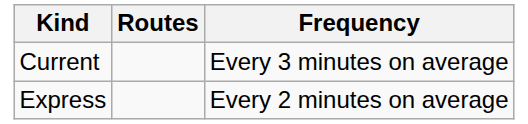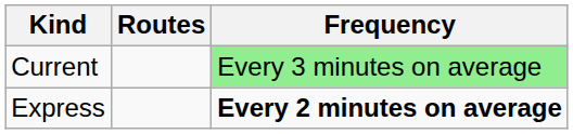 <table class="wikitable" style="margin:1em auto;">
 <tr>
 <th>Kind</th>
 <th>Routes</th>
 <th>Frequency</th>
 </tr>
 <tr>
 <td>Current</td>
 <td>  </td>
-<td>Every 3 minutes on average</td>
+<td style="background: lightgreen;">Every 3 minutes on average</td>
 </tr>
 <tr>
 <td>Express</td>
 <td>  </td>
-<td>Every 2 minutes on average</td>
+<td><strong>Every 2 minutes on average</strong></td>
 </tr>
 </table>
